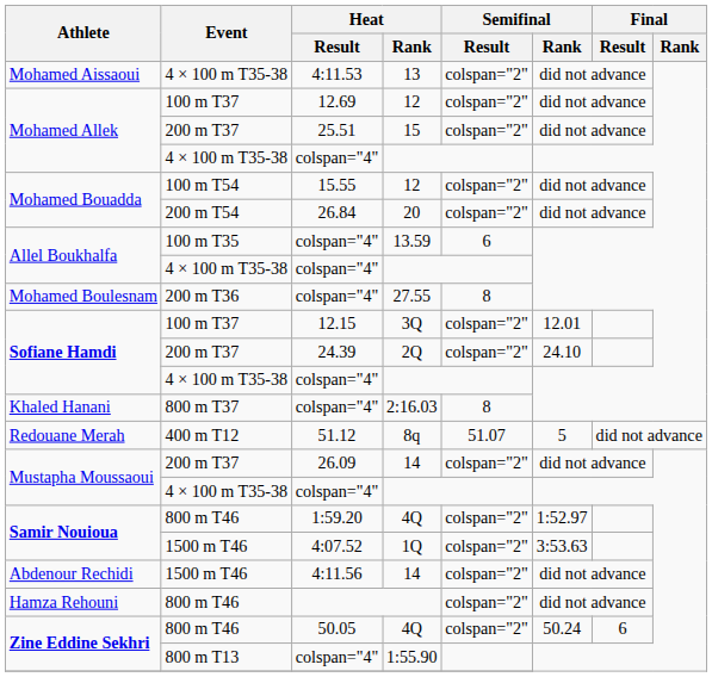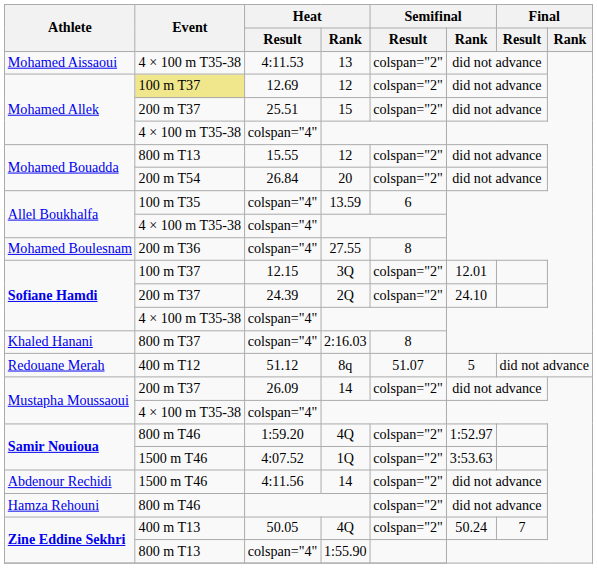 <table class="wikitable" style="text-align:center; font-size:90%">
 <tr>
 <th rowspan="2">Athlete</th>
 <th rowspan="2">Event</th>
 <th colspan="2">Heat</th>
 <th colspan="2">Semifinal</th>
 <th colspan="2">Final</th>
 </tr>
 <tr>
 <th>Result</th>
 <th>Rank</th>
 <th>Result</th>
 <th>Rank</th>
 <th>Result</th>
 <th>Rank</th>
 </tr>
 <tr>
 <td align="left" rowspan="1"><a href='#'>Mohamed Aissaoui</a></td>
 <td align=left>4 × 100 m T35-38</td>
 <td>4:11.53</td>
 <td>13</td>
 <td>colspan="2" </td>
 <td colspan=2>did not advance</td>
 </tr>
 <tr>
 <td align="left" rowspan="3"><a href='#'>Mohamed Allek</a></td>
-<td align=left>100 m T37</td>
+<td align=left style="background: khaki;">100 m T37</td>
 <td>12.69</td>
 <td>12</td>
 <td>colspan="2" </td>
 <td colspan=2>did not advance</td>
 </tr>
 <tr>
 <td align=left>200 m T37</td>
 <td>25.51</td>
 <td>15</td>
 <td>colspan="2" </td>
 <td colspan=2>did not advance</td>
 </tr>
 <tr>
 <td align=left>4 × 100 m T35-38</td>
 <td>colspan="4" </td>
 <td colspan=2></td>
 </tr>
 <tr>
 <td align="left" rowspan="2"><a href='#'>Mohamed Bouadda</a></td>
-<td align=left>100 m T54</td>
+<td align=left>800 m T13</td>
 <td>15.55</td>
 <td>12</td>
 <td>colspan="2" </td>
 <td colspan=2>did not advance</td>
 </tr>
 <tr>
 <td align=left>200 m T54</td>
 <td>26.84</td>
 <td>20</td>
 <td>colspan="2" </td>
 <td colspan=2>did not advance</td>
 </tr>
 <tr>
 <td align="left" rowspan="2"><a href='#'>Allel Boukhalfa</a></td>
 <td align=left>100 m T35</td>
 <td>colspan="4" </td>
 <td>13.59</td>
 <td>6</td>
 </tr>
 <tr>
 <td align=left>4 × 100 m T35-38</td>
 <td>colspan="4" </td>
 <td colspan=2></td>
 </tr>
 <tr>
 <td align="left" rowspan="1"><a href='#'>Mohamed Boulesnam</a></td>
 <td align=left>200 m T36</td>
 <td>colspan="4" </td>
 <td>27.55</td>
 <td>8</td>
 </tr>
 <tr>
 <td align="left" rowspan="3"><strong><a href='#'>Sofiane Hamdi</a></strong></td>
 <td align=left>100 m T37</td>
 <td>12.15</td>
 <td>3Q</td>
 <td>colspan="2" </td>
 <td>12.01</td>
 <td></td>
 </tr>
 <tr>
 <td align=left>200 m T37</td>
 <td>24.39</td>
 <td>2Q</td>
 <td>colspan="2" </td>
 <td>24.10</td>
 <td></td>
 </tr>
 <tr>
 <td align=left>4 × 100 m T35-38</td>
 <td>colspan="4" </td>
 <td colspan=2></td>
 </tr>
 <tr>
 <td align="left" rowspan="1"><a href='#'>Khaled Hanani</a></td>
 <td align=left>800 m T37</td>
 <td>colspan="4" </td>
 <td>2:16.03</td>
 <td>8</td>
 </tr>
 <tr>
 <td align="left" rowspan="1"><a href='#'>Redouane Merah</a></td>
 <td align=left>400 m T12</td>
 <td>51.12</td>
 <td>8q</td>
 <td>51.07</td>
 <td>5</td>
 <td colspan=2>did not advance</td>
 </tr>
 <tr>
 <td align="left" rowspan="2"><a href='#'>Mustapha Moussaoui</a></td>
 <td align=left>200 m T37</td>
 <td>26.09</td>
 <td>14</td>
 <td>colspan="2" </td>
 <td colspan=2>did not advance</td>
 </tr>
 <tr>
 <td align=left>4 × 100 m T35-38</td>
 <td>colspan="4" </td>
 <td colspan=2></td>
 </tr>
 <tr>
 <td align="left" rowspan="2"><strong><a href='#'>Samir Nouioua</a></strong></td>
 <td align=left>800 m T46</td>
 <td>1:59.20</td>
 <td>4Q</td>
 <td>colspan="2" </td>
 <td>1:52.97</td>
 <td></td>
 </tr>
 <tr>
 <td align=left>1500 m T46</td>
 <td>4:07.52</td>
 <td>1Q</td>
 <td>colspan="2" </td>
 <td>3:53.63</td>
 <td></td>
 </tr>
 <tr>
 <td align="left" rowspan="1"><a href='#'>Abdenour Rechidi</a></td>
 <td align=left>1500 m T46</td>
 <td>4:11.56</td>
 <td>14</td>
 <td>colspan="2" </td>
 <td colspan=2>did not advance</td>
 </tr>
 <tr>
 <td align="left" rowspan="1"><a href='#'>Hamza Rehouni</a></td>
 <td align=left>800 m T46</td>
 <td colspan=2></td>
 <td>colspan="2" </td>
 <td colspan=2>did not advance</td>
 </tr>
 <tr>
 <td align="left" rowspan="2"><strong><a href='#'>Zine Eddine Sekhri</a></strong></td>
-<td align=left>800 m T46</td>
+<td align=left>400 m T13</td>
 <td>50.05</td>
 <td>4Q</td>
 <td>colspan="2" </td>
 <td>50.24</td>
-<td>6</td>
+<td>7</td>
 </tr>
 <tr>
 <td align=left>800 m T13</td>
 <td>colspan="4" </td>
 <td>1:55.90</td>
 <td></td>
 </tr>
 <tr>
 </tr>
 </table>
